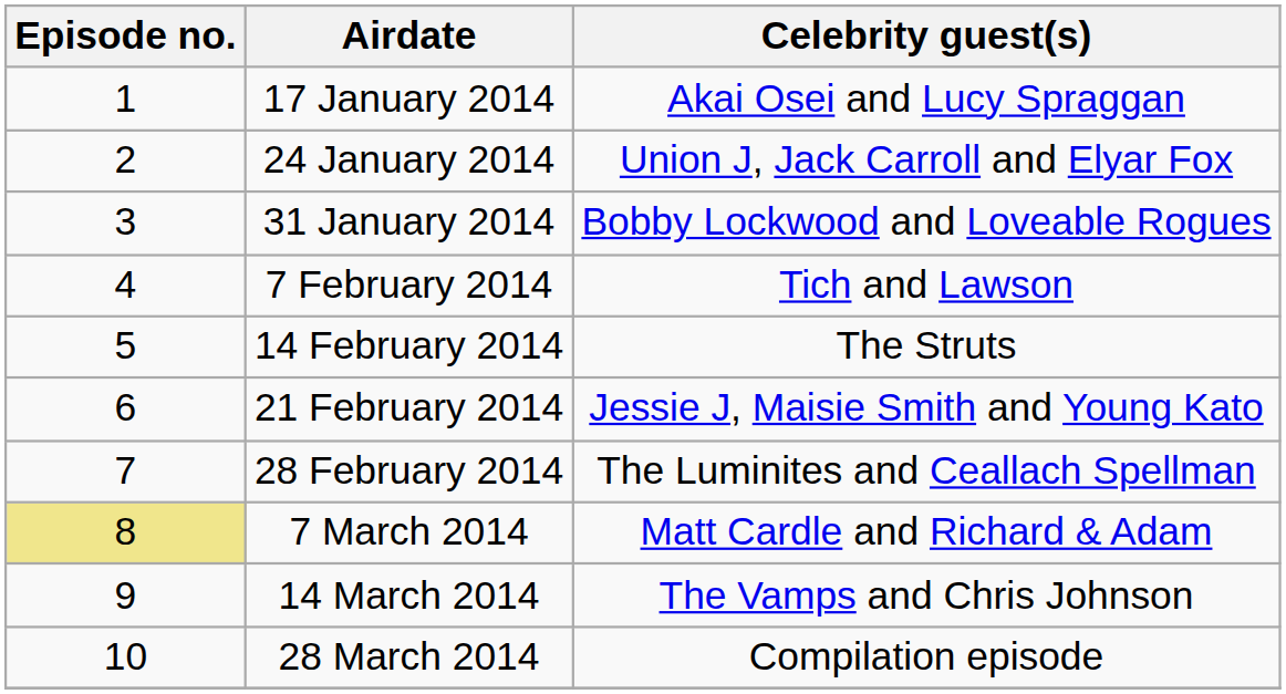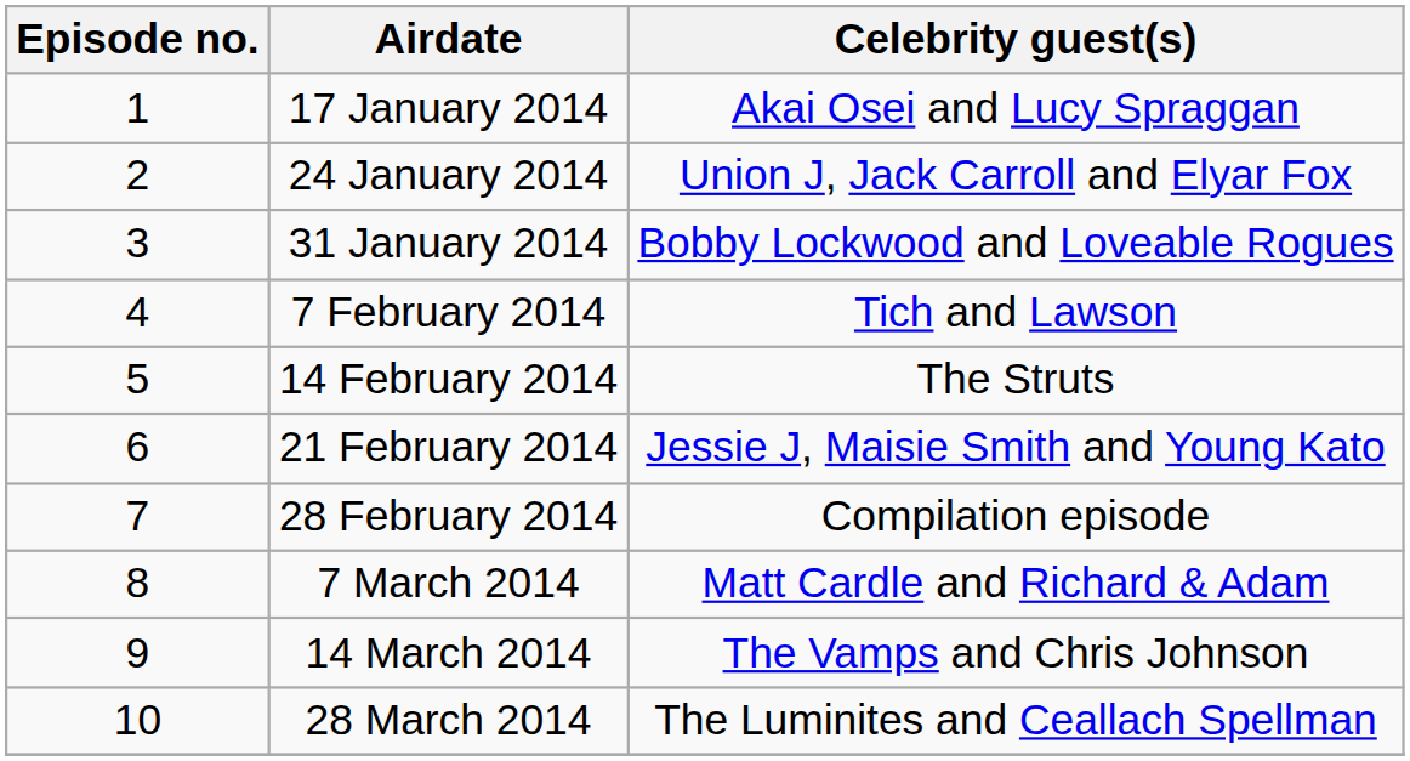 <table class="wikitable" style="text-align: center;">
 <tr>
 <th>Episode no.</th>
 <th>Airdate</th>
 <th>Celebrity guest(s)</th>
 </tr>
 <tr>
 <td>1</td>
 <td>17 January 2014</td>
 <td><a href='#'>Akai Osei</a> and <a href='#'>Lucy Spraggan</a></td>
 </tr>
 <tr>
 <td>2</td>
 <td>24 January 2014</td>
 <td><a href='#'>Union J</a>, <a href='#'>Jack Carroll</a> and <a href='#'>Elyar Fox</a></td>
 </tr>
 <tr>
 <td>3</td>
 <td>31 January 2014</td>
 <td><a href='#'>Bobby Lockwood</a> and <a href='#'>Loveable Rogues</a></td>
 </tr>
 <tr>
 <td>4</td>
 <td>7 February 2014</td>
 <td><a href='#'>Tich</a> and <a href='#'>Lawson</a></td>
 </tr>
 <tr>
 <td>5</td>
 <td>14 February 2014</td>
 <td>The Struts</td>
 </tr>
 <tr>
 <td>6</td>
 <td>21 February 2014</td>
 <td><a href='#'>Jessie J</a>, <a href='#'>Maisie Smith</a> and <a href='#'>Young Kato</a></td>
 </tr>
 <tr>
 <td>7</td>
 <td>28 February 2014</td>
-<td>The Luminites and <a href='#'>Ceallach Spellman</a></td>
+<td>Compilation episode</td>
 </tr>
 <tr>
-<td style="background: khaki;">8</td>
+<td>8</td>
 <td>7 March 2014</td>
 <td><a href='#'>Matt Cardle</a> and <a href='#'>Richard & Adam</a></td>
 </tr>
 <tr>
 <td>9</td>
 <td>14 March 2014</td>
 <td><a href='#'>The Vamps</a> and Chris Johnson</td>
 </tr>
 <tr>
 <td>10</td>
 <td>28 March 2014</td>
-<td>Compilation episode</td>
+<td>The Luminites and <a href='#'>Ceallach Spellman</a></td>
 </tr>
 <tr>
 </tr>
 </table>
